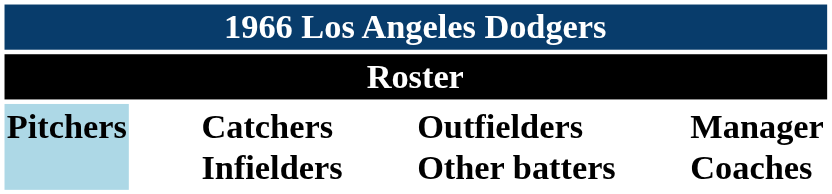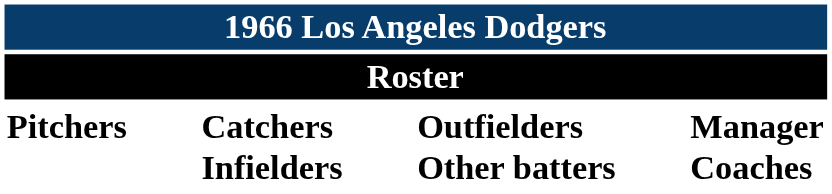 <table class="toccolours" style="font-size: 95%;">
 <tr>
 <th colspan="10" style="background-color: #083c6b; color: white; text-align: center;">1966 Los Angeles Dodgers</th>
 </tr>
 <tr>
 <td colspan="10" style="background-color: black; color: white; text-align: center;"><strong>Roster</strong></td>
 </tr>
 <tr>
-<td valign="top" style="background: lightblue;"><strong>Pitchers</strong><br>                     </td>
+<td valign="top"><strong>Pitchers</strong><br>                     </td>
 <td width="25px"></td>
 <td valign="top"><strong>Catchers</strong><br>   <strong>Infielders</strong>          </td>
 <td width="25px"></td>
 <td valign="top"><strong>Outfielders</strong><br>        <strong>Other batters</strong> </td>
 <td width="25px"></td>
 <td valign="top"><strong>Manager</strong><br> <strong>Coaches</strong>    </td>
 </tr>
 </table>
